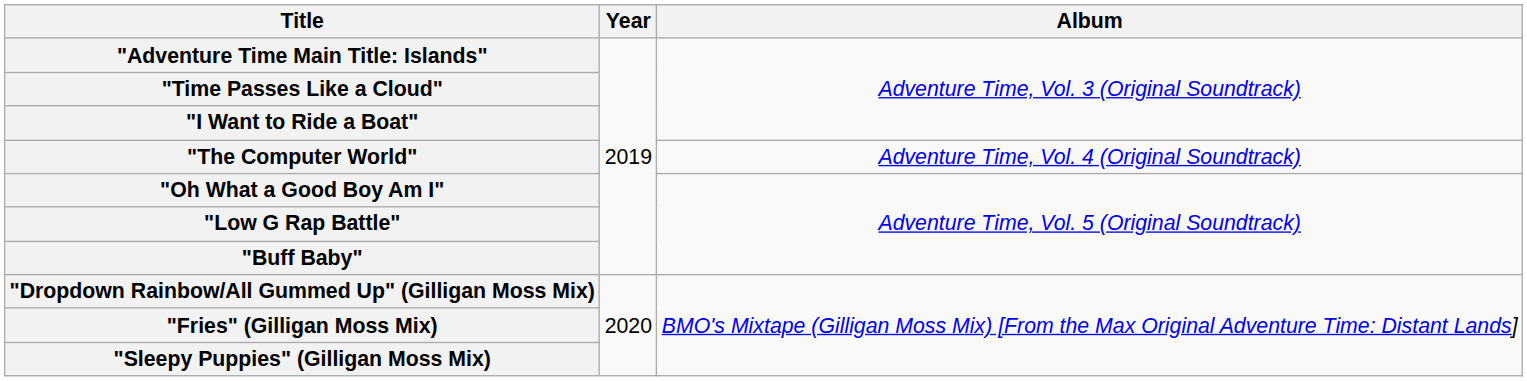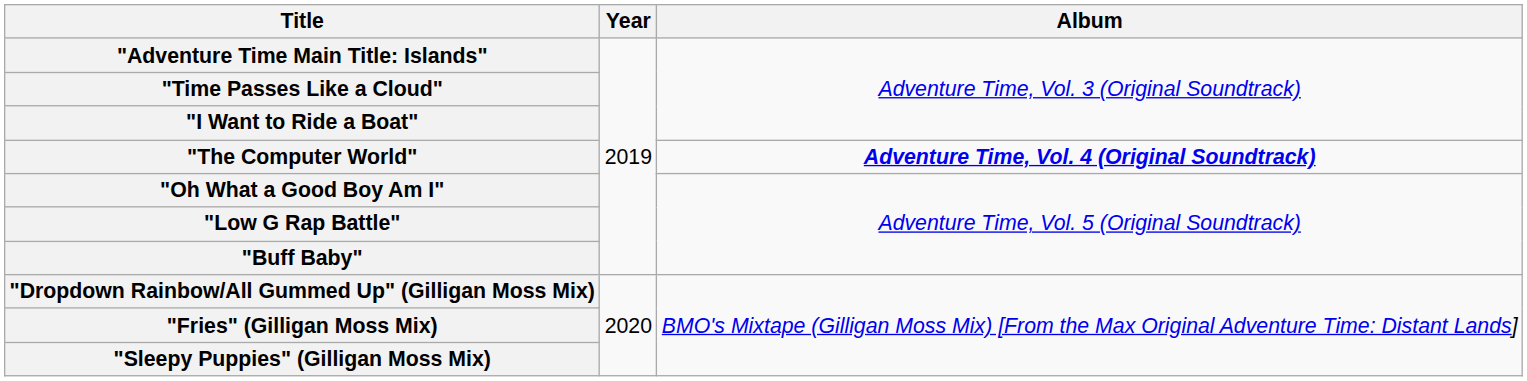 <table class="wikitable plainrowheaders" style="text-align:center;">
 <tr>
 <th scope="col">Title</th>
 <th scope="col">Year</th>
 <th scope="col">Album</th>
 </tr>
 <tr>
 <th scope="row">"Adventure Time Main Title: Islands"</th>
 <td rowspan="7">2019</td>
 <td rowspan="3"><em><a href='#'>Adventure Time, Vol. 3 (Original Soundtrack)</a></em></td>
 </tr>
 <tr>
 <th scope="row">"Time Passes Like a Cloud"<br></th>
 </tr>
 <tr>
 <th scope="row">"I Want to Ride a Boat"</th>
 </tr>
 <tr>
 <th scope="row">"The Computer World"<br></th>
-<td><em><a href='#'>Adventure Time, Vol. 4 (Original Soundtrack)</a></em></td>
+<td><strong><em><a href='#'>Adventure Time, Vol. 4 (Original Soundtrack)</a></em></strong></td>
 </tr>
 <tr>
 <th scope="row">"Oh What a Good Boy Am I"<br></th>
 <td rowspan="3"><em><a href='#'>Adventure Time, Vol. 5 (Original Soundtrack)</a></em></td>
 </tr>
 <tr>
 <th scope="row">"Low G Rap Battle"<br></th>
 </tr>
 <tr>
 <th scope="row">"Buff Baby"</th>
 </tr>
 <tr>
 <th scope="row">"Dropdown Rainbow/All Gummed Up" (Gilligan Moss Mix)</th>
 <td rowspan="3">2020</td>
 <td rowspan="3"><em><a href='#'>BMO's Mixtape (Gilligan Moss Mix) [From the Max Original Adventure Time: Distant Lands</a>]</em></td>
 </tr>
 <tr>
 <th scope="row">"Fries" (Gilligan Moss Mix)</th>
 </tr>
 <tr>
 <th scope="row">"Sleepy Puppies" (Gilligan Moss Mix)</th>
 </tr>
 </table>
